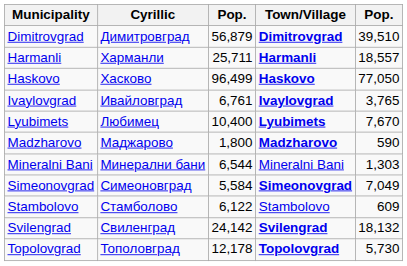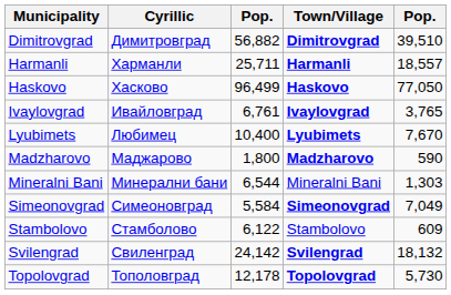 <table class="wikitable sortable">
 <tr>
 <th>Municipality</th>
 <th>Cyrillic</th>
 <th>Pop.</th>
 <th>Town/Village</th>
 <th>Pop.</th>
 </tr>
 <tr>
 <td><a href='#'>Dimitrovgrad</a></td>
 <td><a href='#'>Димитровград</a></td>
-<td align="right">56,879</td>
+<td align="right">56,882</td>
 <td><strong><a href='#'>Dimitrovgrad</a></strong></td>
 <td align="right">39,510</td>
 </tr>
 <tr>
 <td><a href='#'>Harmanli</a></td>
 <td><a href='#'>Харманли</a></td>
 <td align="right">25,711</td>
 <td><strong><a href='#'>Harmanli</a></strong></td>
 <td align="right">18,557</td>
 </tr>
 <tr>
 <td><a href='#'>Haskovo</a></td>
 <td><a href='#'>Хасково</a></td>
 <td align="right">96,499</td>
 <td><strong><a href='#'>Haskovo</a></strong></td>
 <td align="right">77,050</td>
 </tr>
 <tr>
 <td><a href='#'>Ivaylovgrad</a></td>
 <td><a href='#'>Ивайловград</a></td>
 <td align="right">6,761</td>
 <td><strong><a href='#'>Ivaylovgrad</a></strong></td>
 <td align="right">3,765</td>
 </tr>
 <tr>
 <td><a href='#'>Lyubimets</a></td>
 <td><a href='#'>Любимец</a></td>
 <td align="right">10,400</td>
 <td><strong><a href='#'>Lyubimets</a></strong></td>
 <td align="right">7,670</td>
 </tr>
 <tr>
 <td><a href='#'>Madzharovo</a></td>
 <td><a href='#'>Маджарово</a></td>
 <td align="right">1,800</td>
 <td><strong><a href='#'>Madzharovo</a></strong></td>
 <td align="right">590</td>
 </tr>
 <tr>
 <td><a href='#'>Mineralni Bani</a></td>
 <td><a href='#'>Минерални бани</a></td>
 <td align="right">6,544</td>
 <td><a href='#'>Mineralni Bani</a></td>
 <td align="right">1,303</td>
 </tr>
 <tr>
 <td><a href='#'>Simeonovgrad</a></td>
 <td><a href='#'>Симеоновград</a></td>
 <td align="right">5,584</td>
 <td><strong><a href='#'>Simeonovgrad</a></strong></td>
 <td align="right">7,049</td>
 </tr>
 <tr>
 <td><a href='#'>Stambolovo</a></td>
 <td><a href='#'>Стамболово</a></td>
 <td align="right">6,122</td>
 <td><a href='#'>Stambolovo</a></td>
 <td align="right">609</td>
 </tr>
 <tr>
 <td><a href='#'>Svilengrad</a></td>
 <td><a href='#'>Свиленград</a></td>
 <td align="right">24,142</td>
 <td><strong><a href='#'>Svilengrad</a></strong></td>
 <td align="right">18,132</td>
 </tr>
 <tr>
 <td><a href='#'>Topolovgrad</a></td>
 <td><a href='#'>Тополовград</a></td>
 <td align="right">12,178</td>
 <td><strong><a href='#'>Topolovgrad</a></strong></td>
 <td align="right">5,730</td>
 </tr>
 </table>
